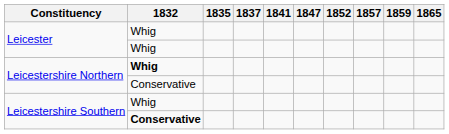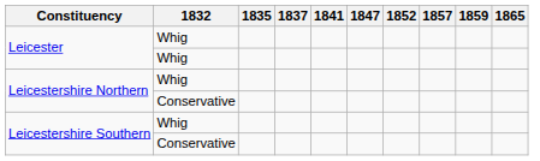 <table class=wikitable sortable>
 <tr>
 <th>Constituency</th>
 <th>1832</th>
 <th>1835</th>
 <th>1837</th>
 <th>1841</th>
 <th>1847</th>
 <th>1852</th>
 <th>1857</th>
 <th>1859</th>
 <th>1865</th>
 </tr>
 <tr>
 <td rowspan=2><a href='#'>Leicester</a></td>
 <td bgcolor=>Whig</td>
 <td></td>
 <td></td>
 <td></td>
 <td></td>
 <td></td>
 <td></td>
 <td></td>
 <td></td>
 </tr>
 <tr>
 <td bgcolor=>Whig</td>
 <td></td>
 <td></td>
 <td></td>
 <td></td>
 <td></td>
 <td></td>
 <td></td>
 <td></td>
 </tr>
 <tr>
 <td rowspan=2><a href='#'>Leicestershire Northern</a></td>
-<td bgcolor=><strong>Whig</strong></td>
+<td bgcolor=>Whig</td>
 <td></td>
 <td></td>
 <td></td>
 <td></td>
 <td></td>
 <td></td>
 <td></td>
 <td></td>
 </tr>
 <tr>
 <td bgcolor=>Conservative</td>
 <td></td>
 <td></td>
 <td></td>
 <td></td>
 <td></td>
 <td></td>
 <td></td>
 <td></td>
 </tr>
 <tr>
 <td rowspan=2><a href='#'>Leicestershire Southern</a></td>
 <td bgcolor=>Whig</td>
 <td></td>
 <td></td>
 <td></td>
 <td></td>
 <td></td>
 <td></td>
 <td></td>
 <td></td>
 </tr>
 <tr>
-<td bgcolor=><strong>Conservative</strong></td>
+<td bgcolor=>Conservative</td>
 <td></td>
 <td></td>
 <td></td>
 <td></td>
 <td></td>
 <td></td>
 <td></td>
 <td></td>
 </tr>
 </table>
